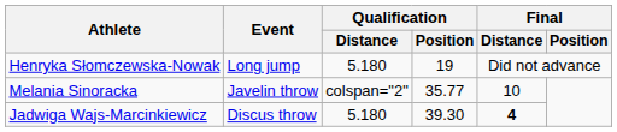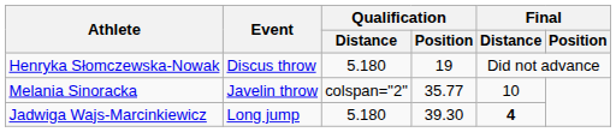 <table class=wikitable style="font-size:90%">
 <tr>
 <th rowspan="2">Athlete</th>
 <th rowspan="2">Event</th>
 <th colspan="2">Qualification</th>
 <th colspan="2">Final</th>
 </tr>
 <tr style="font-size:95%">
 <th>Distance</th>
 <th>Position</th>
 <th>Distance</th>
 <th>Position</th>
 </tr>
 <tr align=center>
 <td align=left><a href='#'>Henryka Słomczewska-Nowak</a></td>
-<td align=left><a href='#'>Long jump</a></td>
+<td align=left><a href='#'>Discus throw</a></td>
 <td>5.180</td>
 <td>19</td>
 <td colspan=2>Did not advance</td>
 </tr>
 <tr align=center>
 <td align=left><a href='#'>Melania Sinoracka</a></td>
 <td align=left><a href='#'>Javelin throw</a></td>
 <td>colspan="2" </td>
 <td>35.77</td>
 <td>10</td>
 </tr>
 <tr align=center>
 <td align=left><a href='#'>Jadwiga Wajs-Marcinkiewicz</a></td>
-<td align=left><a href='#'>Discus throw</a></td>
+<td align=left><a href='#'>Long jump</a></td>
 <td>5.180</td>
 <td>39.30</td>
 <td><strong>4</strong></td>
 </tr>
 </table>
